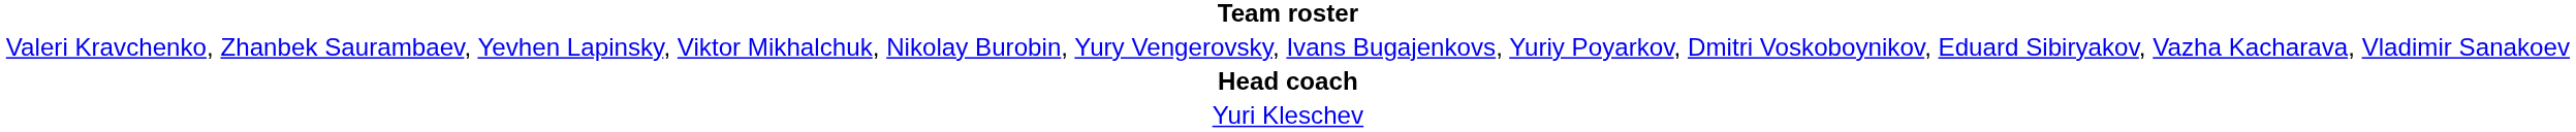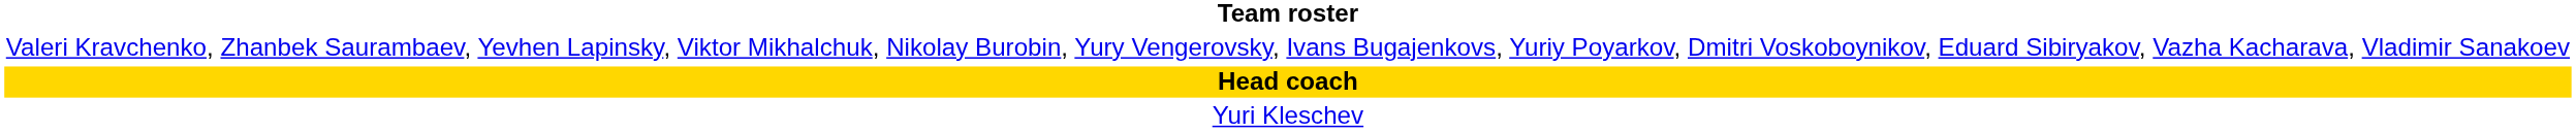 <table style="text-align:center; margin-top:2em; margin-left:auto; margin-right:auto">
 <tr>
 <td><strong>Team roster</strong></td>
 </tr>
 <tr>
 <td><a href='#'>Valeri Kravchenko</a>, <a href='#'>Zhanbek Saurambaev</a>, <a href='#'>Yevhen Lapinsky</a>, <a href='#'>Viktor Mikhalchuk</a>, <a href='#'>Nikolay Burobin</a>, <a href='#'>Yury Vengerovsky</a>, <a href='#'>Ivans Bugajenkovs</a>, <a href='#'>Yuriy Poyarkov</a>, <a href='#'>Dmitri Voskoboynikov</a>, <a href='#'>Eduard Sibiryakov</a>, <a href='#'>Vazha Kacharava</a>, <a href='#'>Vladimir Sanakoev</a></td>
 </tr>
 <tr>
-<td><strong>Head coach</strong></td>
+<td style="background: gold;"><strong>Head coach</strong></td>
 </tr>
 <tr>
 <td><a href='#'>Yuri Kleschev</a></td>
 </tr>
 <tr>
 </tr>
 </table>
